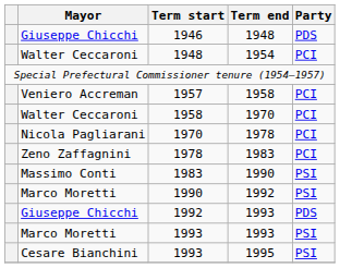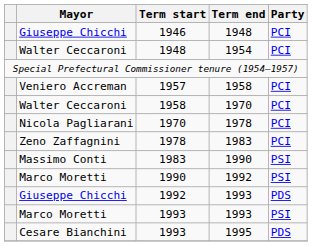 <table class="wikitable">
 <tr>
 <th class=unsortable> </th>
 <th>Mayor</th>
 <th>Term start</th>
 <th>Term end</th>
 <th>Party</th>
 </tr>
 <tr>
 <th style="background:"></th>
 <td><a href='#'>Giuseppe Chicchi</a></td>
 <td align=center>1946</td>
 <td align=center>1948</td>
-<td><a href='#'>PDS</a></td>
+<td><a href='#'>PCI</a></td>
 </tr>
 <tr>
 <th style="background:"></th>
 <td>Walter Ceccaroni</td>
 <td align=center>1948</td>
 <td align=center>1954</td>
 <td><a href='#'>PCI</a></td>
 </tr>
 <tr>
 <td colspan=6 align=center><small><em>Special Prefectural Commissioner tenure (1954–1957)</em></small></td>
 </tr>
 <tr>
 <th style="background:"></th>
 <td>Veniero Accreman</td>
 <td align=center>1957</td>
 <td align=center>1958</td>
 <td><a href='#'>PCI</a></td>
 </tr>
 <tr>
 <th style="background:"></th>
 <td>Walter Ceccaroni</td>
 <td align=center>1958</td>
 <td align=center>1970</td>
 <td><a href='#'>PCI</a></td>
 </tr>
 <tr>
 <th style="background:"></th>
 <td>Nicola Pagliarani</td>
 <td align=center>1970</td>
 <td align=center>1978</td>
 <td><a href='#'>PCI</a></td>
 </tr>
 <tr>
 <th style="background:"></th>
 <td>Zeno Zaffagnini</td>
 <td align=center>1978</td>
 <td align=center>1983</td>
 <td><a href='#'>PCI</a></td>
 </tr>
 <tr>
 <th style="background:"></th>
 <td>Massimo Conti</td>
 <td align=center>1983</td>
 <td align=center>1990</td>
 <td><a href='#'>PSI</a></td>
 </tr>
 <tr>
 <th style="background:"></th>
 <td>Marco Moretti</td>
 <td align=center>1990</td>
 <td align=center>1992</td>
 <td><a href='#'>PSI</a></td>
 </tr>
 <tr>
 <th style="background:"></th>
 <td><a href='#'>Giuseppe Chicchi</a></td>
 <td align=center>1992</td>
 <td align=center>1993</td>
 <td><a href='#'>PDS</a></td>
 </tr>
 <tr>
 <th style="background:"></th>
 <td>Marco Moretti</td>
 <td align=center>1993</td>
 <td align=center>1993</td>
 <td><a href='#'>PSI</a></td>
 </tr>
 <tr>
 <th style="background:"></th>
 <td>Cesare Bianchini</td>
 <td align=center>1993</td>
 <td align=center>1995</td>
-<td><a href='#'>PSI</a></td>
+<td><a href='#'>PDS</a></td>
 </tr>
 <tr>
 </tr>
 </table>
